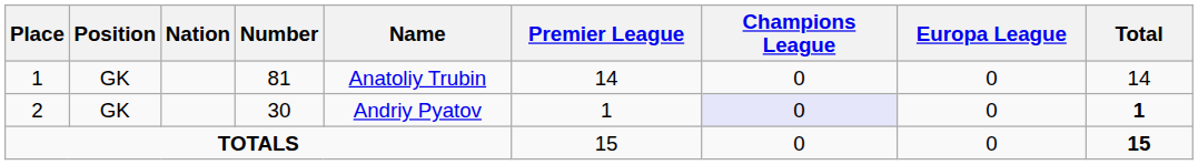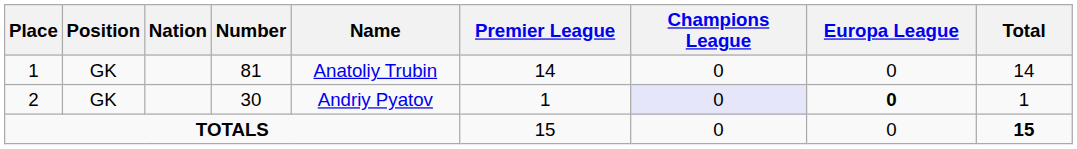 <table class="wikitable" style="font-size: 95%; text-align: center;">
 <tr>
 <th width=20>Place</th>
 <th width=20>Position</th>
 <th width=20>Nation</th>
 <th width=20>Number</th>
 <th width=150>Name</th>
 <th width=150><a href='#'>Premier League</a></th>
 <th width=150><a href='#'>Champions League</a></th>
 <th width=150><a href='#'>Europa League</a></th>
 <th width=80>Total</th>
 </tr>
 <tr>
 <td>1</td>
 <td>GK</td>
 <td></td>
 <td>81</td>
 <td><a href='#'>Anatoliy Trubin</a></td>
 <td>14</td>
 <td>0</td>
 <td>0</td>
 <td>14</td>
 </tr>
 <tr>
 <td>2</td>
 <td>GK</td>
 <td></td>
 <td>30</td>
 <td><a href='#'>Andriy Pyatov</a></td>
 <td>1</td>
 <td style="background: lavender;">0</td>
-<td>0</td>
-<td><strong>1</strong></td>
+<td><strong>0</strong></td>
+<td>1</td>
 </tr>
 <tr>
 <td colspan="5"><strong>TOTALS</strong></td>
 <td>15</td>
 <td>0</td>
 <td>0</td>
 <td><strong>15</strong></td>
 </tr>
 </table>
